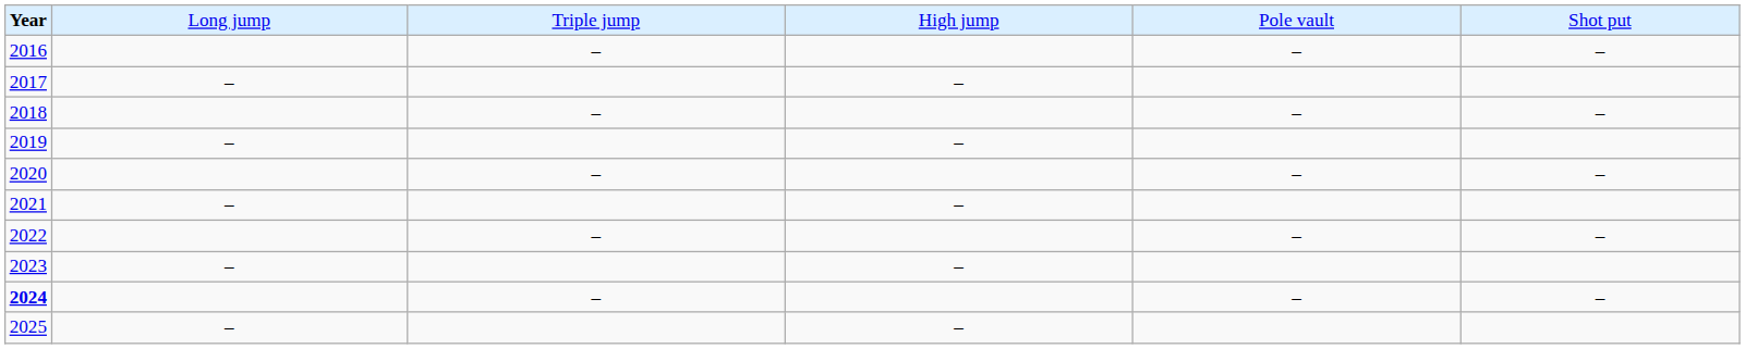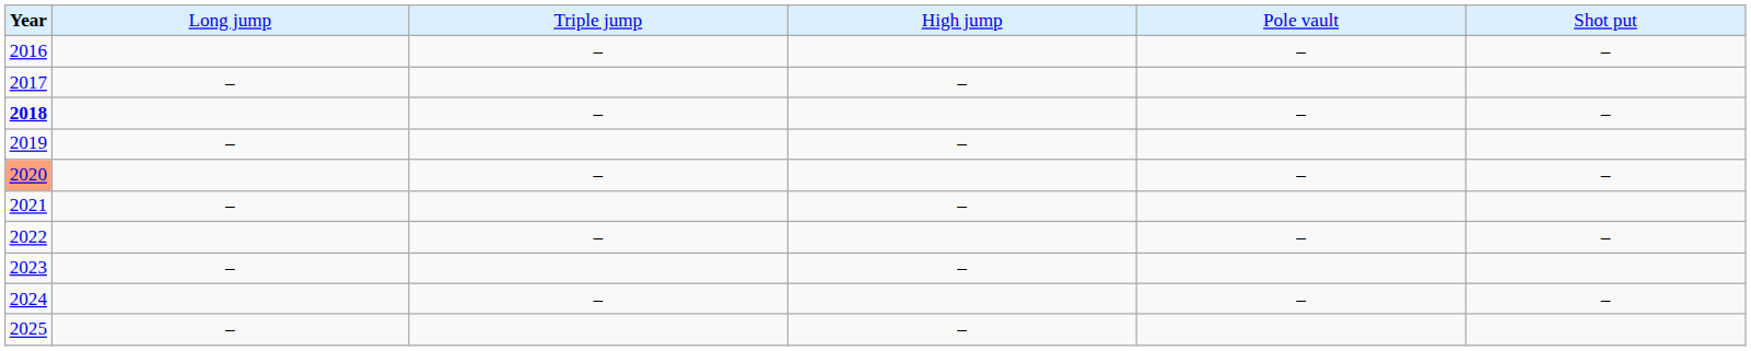 <table class="wikitable" style="font-size:85%; text-align:center; float:center; width:100%">
 <tr align="center" bgcolor="#DAEFFF">
 <td width=20><strong>Year</strong></td>
 <td><a href='#'>Long jump</a></td>
 <td><a href='#'>Triple jump</a></td>
 <td><a href='#'>High jump</a></td>
 <td><a href='#'>Pole vault</a></td>
 <td><a href='#'>Shot put</a></td>
 </tr>
 <tr>
 <td><a href='#'>2016</a></td>
 <td></td>
 <td>–</td>
 <td></td>
 <td>–</td>
 <td>–</td>
 </tr>
 <tr>
 <td><a href='#'>2017</a></td>
 <td>–</td>
 <td></td>
 <td>–</td>
 <td></td>
 <td></td>
 </tr>
 <tr>
-<td><a href='#'>2018</a></td>
+<td><strong><a href='#'>2018</a></strong></td>
 <td></td>
 <td>–</td>
 <td></td>
 <td>–</td>
 <td>–</td>
 </tr>
 <tr>
 <td><a href='#'>2019</a></td>
 <td>–</td>
 <td></td>
 <td>–</td>
 <td></td>
 <td></td>
 </tr>
 <tr>
-<td><a href='#'>2020</a></td>
+<td style="background: lightsalmon;"><a href='#'>2020</a></td>
 <td></td>
 <td>–</td>
 <td></td>
 <td>–</td>
 <td>–</td>
 </tr>
 <tr>
 <td><a href='#'>2021</a></td>
 <td>–</td>
 <td></td>
 <td>–</td>
 <td></td>
 <td></td>
 </tr>
 <tr>
 <td><a href='#'>2022</a></td>
 <td></td>
 <td>–</td>
 <td></td>
 <td>–</td>
 <td>–</td>
 </tr>
 <tr>
 <td><a href='#'>2023</a></td>
 <td>–</td>
 <td></td>
 <td>–</td>
 <td></td>
 <td></td>
 </tr>
 <tr>
-<td><strong><a href='#'>2024</a></strong></td>
+<td><a href='#'>2024</a></td>
 <td></td>
 <td>–</td>
 <td></td>
 <td>–</td>
 <td>–</td>
 </tr>
 <tr>
 <td><a href='#'>2025</a></td>
 <td>–</td>
 <td></td>
 <td>–</td>
 <td></td>
 <td></td>
 </tr>
 </table>
